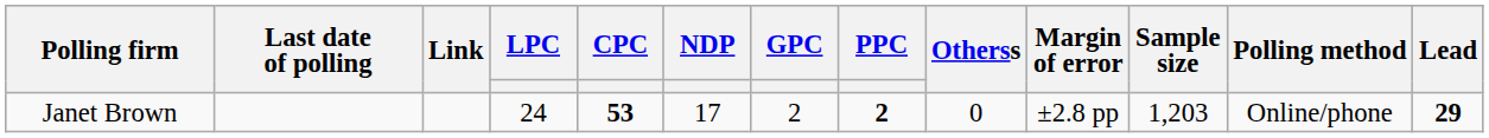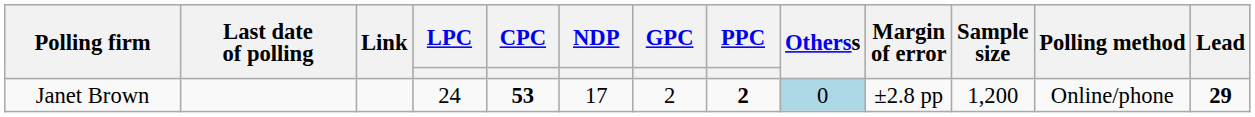 <table class="wikitable sortable mw-datatable" style="text-align:center;font-size:90%;line-height:14px;">
 <tr style="height:40px;">
 <th style="width:105px;" rowspan="2">Polling firm</th>
 <th style="width:105px;" rowspan="2">Last date<br>of polling</th>
 <th rowspan="2">Link</th>
 <th class="unsortable" style="width:40px;"><a href='#'>LPC</a></th>
 <th class="unsortable" style="width:40px;"><a href='#'>CPC</a></th>
 <th class="unsortable" style="width:40px;"><a href='#'>NDP</a></th>
 <th class="unsortable" style="width:40px;"><a href='#'>GPC</a></th>
 <th class="unsortable" style="width:40px;"><a href='#'>PPC</a></th>
 <th rowspan="2" style="width:40px"><a href='#'>Others</a>s</th>
 <th rowspan="2">Margin<br>of error</th>
 <th rowspan="2">Sample<br>size</th>
 <th rowspan="2">Polling method</th>
 <th rowspan="2">Lead</th>
 </tr>
 <tr>
 <th style="background:"></th>
 <th style="background:"></th>
 <th style="background:"></th>
 <th style="background:"></th>
 <th style="background:"></th>
 </tr>
 <tr>
 <td>Janet Brown</td>
 <td></td>
 <td></td>
 <td>24</td>
 <td><strong>53</strong></td>
 <td>17</td>
 <td>2</td>
 <td><strong>2</strong></td>
-<td>0</td>
+<td style="background: lightblue;">0</td>
 <td>±2.8 pp</td>
-<td>1,203</td>
+<td>1,200</td>
 <td>Online/phone</td>
 <td><strong>29</strong></td>
 </tr>
 </table>
